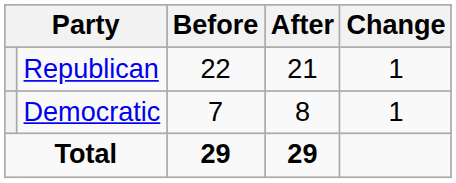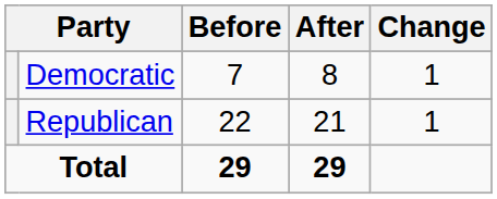 <table class="wikitable" style="text-align:center;">
 <tr>
 <th colspan="2">Party</th>
 <th>Before</th>
 <th>After</th>
 <th>Change</th>
 </tr>
 <tr>
 <th style="background-color:"></th>
-<td style="text-align:left;"><a href='#'>Republican</a></td>
-<td>22</td>
-<td>21</td>
+<td style="text-align:left;"><a href='#'>Democratic</a></td>
+<td>7</td>
+<td>8</td>
 <td> 1</td>
 </tr>
 <tr>
 <th style="background-color:"></th>
-<td style="text-align:left;"><a href='#'>Democratic</a></td>
-<td>7</td>
-<td>8</td>
+<td style="text-align:left;"><a href='#'>Republican</a></td>
+<td>22</td>
+<td>21</td>
 <td> 1</td>
 </tr>
 <tr>
 <td colspan="2"><strong>Total</strong></td>
 <td><strong>29</strong></td>
 <td><strong>29</strong></td>
 <td></td>
 </tr>
 </table>
